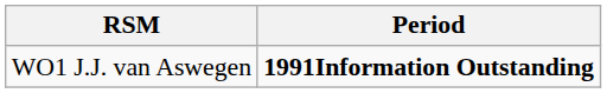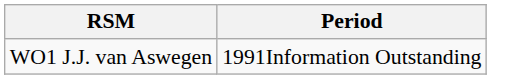 <table class="wikitable">
 <tr>
 <th>RSM</th>
 <th>Period</th>
 </tr>
 <tr>
 <td>WO1 J.J. van Aswegen</td>
-<td><strong>1991Information Outstanding</strong></td>
+<td>1991Information Outstanding</td>
 </tr>
 </table>
